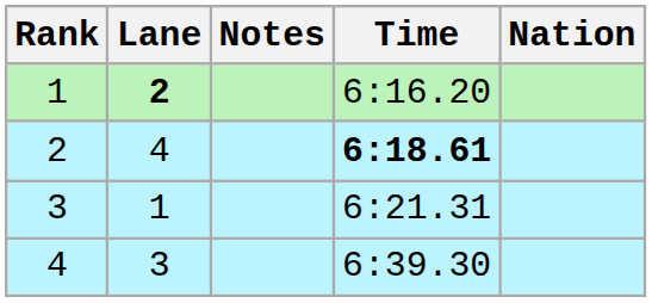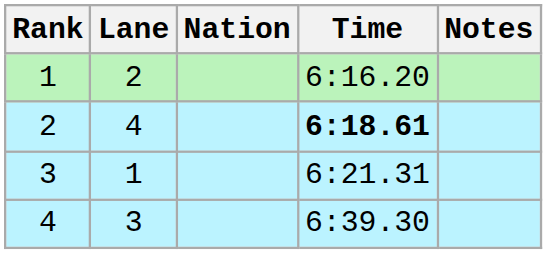 <table class="wikitable sortable" style="text-align:center">
 <tr>
 <th>Rank</th>
 <th>Lane</th>
+<th>Nation</th>
+<th>Time</th>
 <th>Notes</th>
-<th>Time</th>
-<th>Nation</th>
 </tr>
 <tr bgcolor=bbf3bb>
 <td>1</td>
-<td><strong>2</strong></td>
+<td>2</td>
+<td align=left></td>
+<td>6:16.20</td>
 <td align=center></td>
-<td>6:16.20</td>
-<td align=left></td>
 </tr>
 <tr bgcolor=bbf3ff>
 <td>2</td>
 <td>4</td>
+<td align=left></td>
+<td><strong>6:18.61</strong></td>
 <td align=center></td>
-<td><strong>6:18.61</strong></td>
-<td align=left></td>
 </tr>
 <tr bgcolor=bbf3ff>
 <td>3</td>
 <td>1</td>
+<td align=left></td>
+<td>6:21.31</td>
 <td align=center></td>
-<td>6:21.31</td>
-<td align=left></td>
 </tr>
 <tr bgcolor=bbf3ff>
 <td>4</td>
 <td>3</td>
+<td align=left></td>
+<td>6:39.30</td>
 <td align=center></td>
-<td>6:39.30</td>
-<td align=left></td>
 </tr>
 </table>
